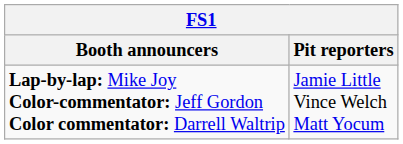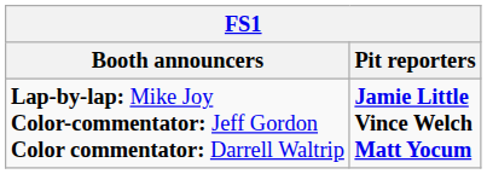 <table class="wikitable" style="font-size: 95%">
 <tr>
 <th colspan="2"><a href='#'>FS1</a></th>
 </tr>
 <tr>
 <th>Booth announcers</th>
 <th>Pit reporters</th>
 </tr>
 <tr>
 <td><strong>Lap-by-lap:</strong> <a href='#'>Mike Joy</a><br><strong>Color-commentator:</strong> <a href='#'>Jeff Gordon</a><br><strong>Color commentator:</strong> <a href='#'>Darrell Waltrip</a></td>
-<td><a href='#'>Jamie Little</a><br>Vince Welch<br><a href='#'>Matt Yocum</a></td>
+<td><strong><a href='#'>Jamie Little</a><br>Vince Welch<br><a href='#'>Matt Yocum</a></strong></td>
 </tr>
 </table>
